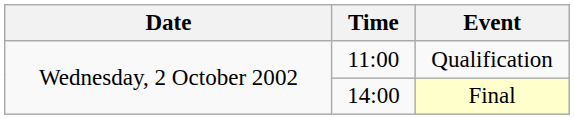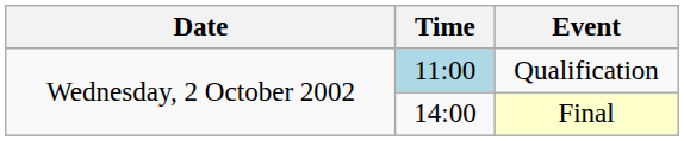 <table class = "wikitable" style="text-align:center;">
 <tr>
 <th width=220>Date</th>
 <th width=50>Time</th>
 <th width=100>Event</th>
 </tr>
 <tr>
 <td rowspan=2>Wednesday, 2 October 2002</td>
-<td>11:00</td>
+<td style="background: lightblue;">11:00</td>
 <td>Qualification</td>
 </tr>
 <tr>
 <td>14:00</td>
 <td bgcolor=ffffcc>Final</td>
 </tr>
 </table>
